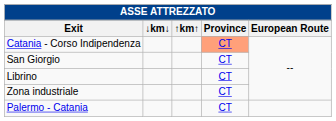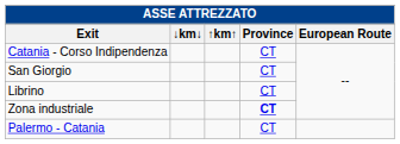 <table class="wikitable">
 <tr>
 </tr>
 <tr align="center" bgcolor="00408B" style="color: white;font-size:100%;">
 <td colspan="6"><strong>ASSE ATTREZZATO</strong></td>
 </tr>
 <tr>
 </tr>
 <tr>
 <th align="center"><strong>Exit</strong></th>
 <th align="center"><strong>↓km↓</strong></th>
 <th align="center"><strong>↑km↑</strong></th>
 <th align="center"><strong>Province</strong></th>
 <th align="center"><strong>European Route</strong></th>
 </tr>
 <tr>
 <td>  <a href='#'>Catania</a> - Corso Indipendenza</td>
 <td align="right"></td>
 <td align="right"></td>
-<td align="center" style="background: lightsalmon;"><a href='#'>CT</a></td>
+<td align="center"><a href='#'>CT</a></td>
 <td align="center" rowspan=4>--</td>
 </tr>
 <tr>
 <td>  San Giorgio</td>
 <td align="right"></td>
 <td align="right"></td>
 <td align="center"><a href='#'>CT</a></td>
 </tr>
 <tr>
 <td>  Librino</td>
 <td align="right"></td>
 <td align="right"></td>
 <td align="center"><a href='#'>CT</a></td>
 </tr>
 <tr>
 <td>  Zona industriale</td>
 <td align="right"></td>
 <td align="right"></td>
-<td align="center"><a href='#'>CT</a></td>
+<td align="center"><strong><a href='#'>CT</a></strong></td>
 </tr>
 <tr>
 <td>  <a href='#'>Palermo - Catania</a></td>
 <td align="right"></td>
 <td align="right"></td>
 <td align="center"><a href='#'>CT</a></td>
 <td></td>
 </tr>
 </table>
